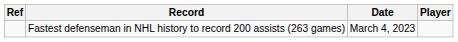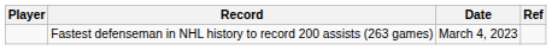 <table class="wikitable sortable">
 <tr>
-<th>Ref</th>
+<th>Player</th>
 <th>Record</th>
 <th data-sort-type="date">Date</th>
-<th>Player</th>
+<th>Ref</th>
 </tr>
 <tr>
 <td></td>
 <td>Fastest defenseman in NHL history to record 200 assists (263 games)</td>
 <td>March 4, 2023</td>
 <td></td>
 </tr>
 </table>
